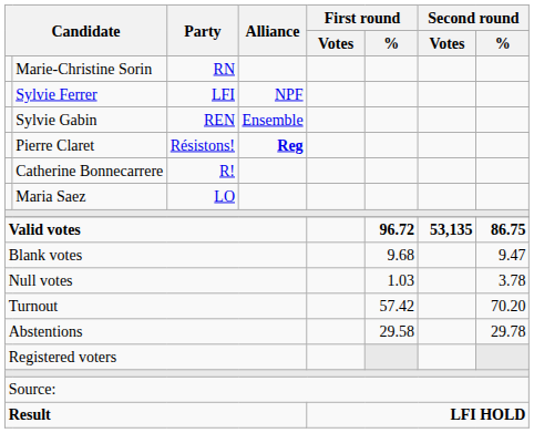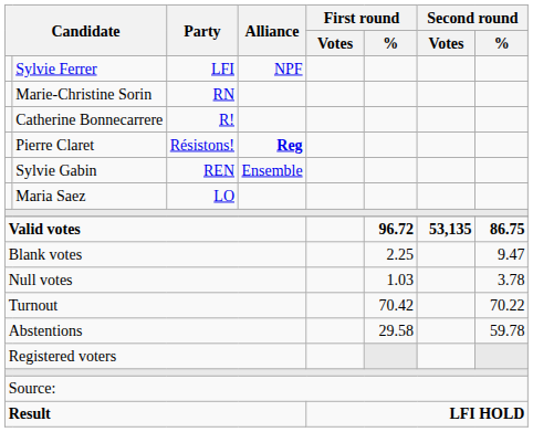 <table class="wikitable" style="text-align:right;font-size:95%;">
 <tr>
 <th colspan="2" rowspan="2">Candidate</th>
 <th colspan="1" rowspan="2">Party</th>
 <th colspan="1" rowspan="2">Alliance</th>
 <th colspan="2">First round</th>
 <th colspan="2">Second round</th>
 </tr>
 <tr>
 <th style="width:50px;">Votes</th>
 <th style="width:45px;">%</th>
 <th style="width:50px;">Votes</th>
 <th style="width:45px;">%</th>
 </tr>
 <tr>
 <td style="color:inherit;background:"></td>
+<td style="text-align:left;"><a href='#'>Sylvie Ferrer</a></td>
+<td><a href='#'>LFI</a></td>
+<td><a href='#'>NPF</a></td>
+<td><strong></strong></td>
+<td><strong></strong></td>
+<td><strong></strong></td>
+<td><strong></strong></td>
+</tr>
+<tr>
+<td style="color:inherit;background:"></td>
 <td style="text-align:left;">Marie-Christine Sorin</td>
 <td><a href='#'>RN</a></td>
 <td></td>
 <td><strong></strong></td>
 <td><strong></strong></td>
 <td></td>
 <td></td>
 </tr>
 <tr>
 <td style="color:inherit;background:"></td>
-<td style="text-align:left;"><a href='#'>Sylvie Ferrer</a></td>
-<td><a href='#'>LFI</a></td>
-<td><a href='#'>NPF</a></td>
-<td><strong></strong></td>
-<td><strong></strong></td>
-<td><strong></strong></td>
-<td><strong></strong></td>
-</tr>
-<tr>
-<td style="color:inherit;background:"></td>
-<td style="text-align:left;">Sylvie Gabin</td>
-<td><a href='#'>REN</a></td>
-<td><a href='#'>Ensemble</a></td>
+<td style="text-align:left;">Catherine Bonnecarrere</td>
+<td><a href='#'>R!</a></td>
+<td></td>
 <td></td>
 <td></td>
 <td></td>
 <td></td>
 </tr>
 <tr>
 <td style="color:inherit;background:"></td>
 <td style="text-align:left;">Pierre Claret</td>
 <td><a href='#'>Résistons!</a></td>
 <td><strong><a href='#'>Reg</a></strong></td>
 <td></td>
 <td></td>
 <td></td>
 <td></td>
 </tr>
 <tr>
 <td style="color:inherit;background:"></td>
-<td style="text-align:left;">Catherine Bonnecarrere</td>
-<td><a href='#'>R!</a></td>
-<td></td>
+<td style="text-align:left;">Sylvie Gabin</td>
+<td><a href='#'>REN</a></td>
+<td><a href='#'>Ensemble</a></td>
 <td></td>
 <td></td>
 <td></td>
 <td></td>
 </tr>
 <tr>
 <td style="color:inherit;background:"></td>
 <td style="text-align:left;">Maria Saez</td>
 <td><a href='#'>LO</a></td>
 <td></td>
 <td></td>
 <td></td>
 <td></td>
 <td></td>
 </tr>
 <tr>
 <td colspan="8" style="background:#E9E9E9;"></td>
 </tr>
 <tr>
 </tr>
 <tr style="font-weight:bold;">
 <td colspan="4" style="text-align:left;">Valid votes</td>
 <td></td>
 <td>96.72</td>
 <td>53,135</td>
 <td>86.75</td>
 </tr>
 <tr>
 <td colspan="4" style="text-align:left;">Blank votes</td>
 <td></td>
-<td>9.68</td>
+<td>2.25</td>
 <td></td>
 <td>9.47</td>
 </tr>
 <tr>
 <td colspan="4" style="text-align:left;">Null votes</td>
 <td></td>
 <td>1.03</td>
 <td></td>
 <td>3.78</td>
 </tr>
 <tr>
 <td colspan="4" style="text-align:left;">Turnout</td>
 <td></td>
-<td>57.42</td>
+<td>70.42</td>
 <td></td>
-<td>70.20</td>
+<td>70.22</td>
 </tr>
 <tr>
 <td colspan="4" style="text-align:left;">Abstentions</td>
 <td></td>
 <td>29.58</td>
 <td></td>
-<td>29.78</td>
+<td>59.78</td>
 </tr>
 <tr>
 <td colspan="4" style="text-align:left;">Registered voters</td>
 <td></td>
 <td style="background:#E9E9E9;"></td>
 <td></td>
 <td style="background:#E9E9E9;"></td>
 </tr>
 <tr>
 <td colspan="8" style="background:#E9E9E9;"></td>
 </tr>
 <tr>
 <td colspan="8" style="text-align:left;">Source: </td>
 </tr>
 <tr style="font-weight:bold">
 <td colspan="4" style="text-align:left;">Result</td>
 <td colspan="4" style="background-color:">LFI HOLD</td>
 </tr>
 </table>
